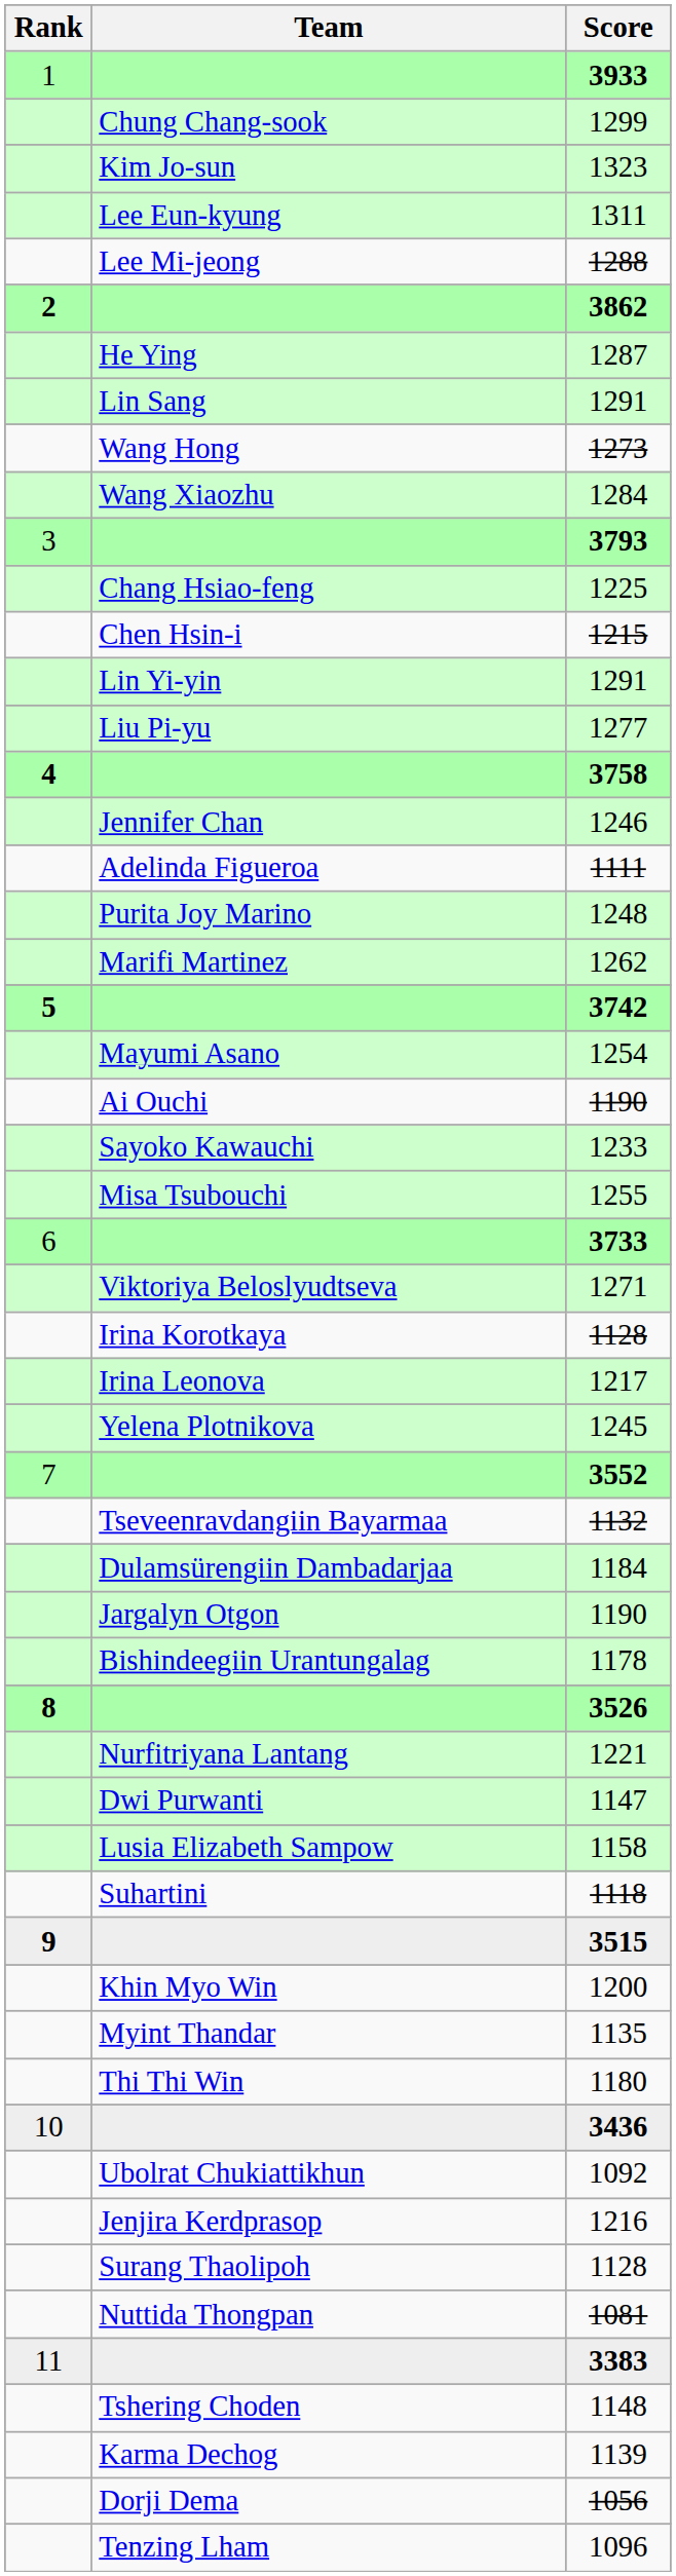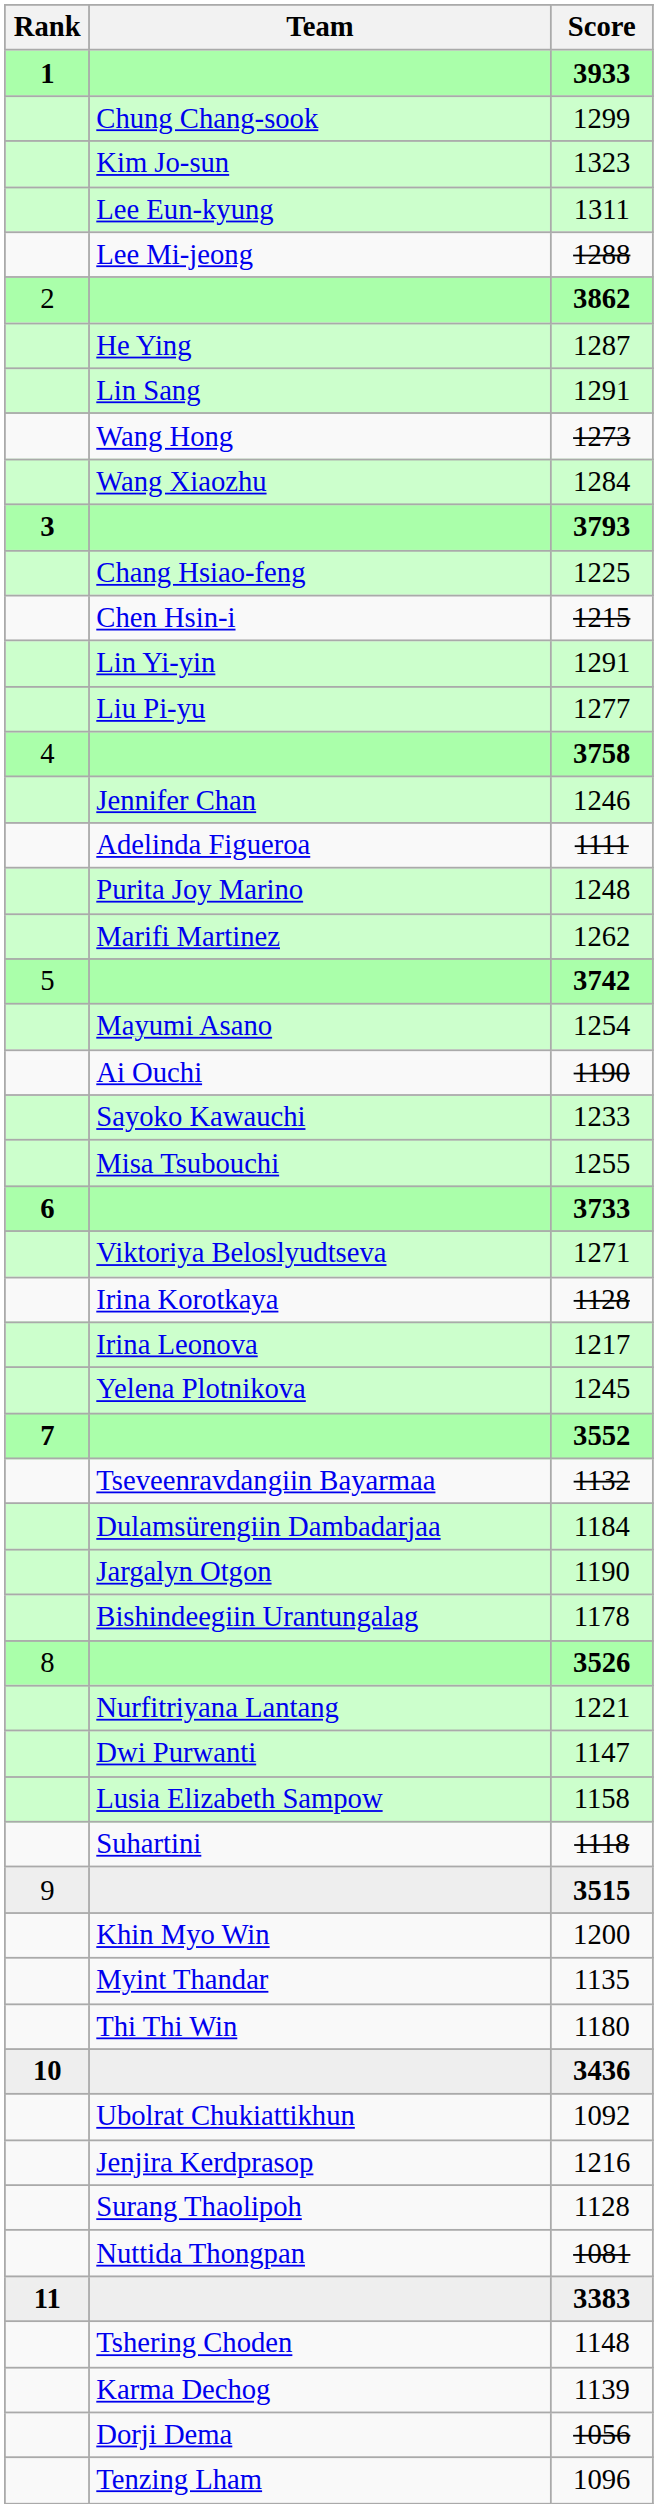 <table class="wikitable" style="text-align:center">
 <tr>
 <th width=40>Rank</th>
 <th width=250>Team</th>
 <th width=50>Score</th>
 </tr>
 <tr bgcolor="aaffaa">
-<td>1</td>
+<td><strong>1</strong></td>
 <td align=left></td>
 <td><strong>3933</strong></td>
 </tr>
 <tr bgcolor="ccffcc">
 <td></td>
 <td align=left><a href='#'>Chung Chang-sook</a></td>
 <td>1299</td>
 </tr>
 <tr bgcolor="ccffcc">
 <td></td>
 <td align=left><a href='#'>Kim Jo-sun</a></td>
 <td>1323</td>
 </tr>
 <tr bgcolor="ccffcc">
 <td></td>
 <td align=left><a href='#'>Lee Eun-kyung</a></td>
 <td>1311</td>
 </tr>
 <tr>
 <td></td>
 <td align=left><a href='#'>Lee Mi-jeong</a></td>
 <td><s>1288</s></td>
 </tr>
 <tr bgcolor="aaffaa">
-<td><strong>2</strong></td>
+<td>2</td>
 <td align=left></td>
 <td><strong>3862</strong></td>
 </tr>
 <tr bgcolor="ccffcc">
 <td></td>
 <td align=left><a href='#'>He Ying</a></td>
 <td>1287</td>
 </tr>
 <tr bgcolor="ccffcc">
 <td></td>
 <td align=left><a href='#'>Lin Sang</a></td>
 <td>1291</td>
 </tr>
 <tr>
 <td></td>
 <td align=left><a href='#'>Wang Hong</a></td>
 <td><s>1273</s></td>
 </tr>
 <tr bgcolor="ccffcc">
 <td></td>
 <td align=left><a href='#'>Wang Xiaozhu</a></td>
 <td>1284</td>
 </tr>
 <tr bgcolor="aaffaa">
-<td>3</td>
+<td><strong>3</strong></td>
 <td align=left></td>
 <td><strong>3793</strong></td>
 </tr>
 <tr bgcolor="ccffcc">
 <td></td>
 <td align=left><a href='#'>Chang Hsiao-feng</a></td>
 <td>1225</td>
 </tr>
 <tr>
 <td></td>
 <td align=left><a href='#'>Chen Hsin-i</a></td>
 <td><s>1215</s></td>
 </tr>
 <tr bgcolor="ccffcc">
 <td></td>
 <td align=left><a href='#'>Lin Yi-yin</a></td>
 <td>1291</td>
 </tr>
 <tr bgcolor="ccffcc">
 <td></td>
 <td align=left><a href='#'>Liu Pi-yu</a></td>
 <td>1277</td>
 </tr>
 <tr bgcolor="aaffaa">
-<td><strong>4</strong></td>
+<td>4</td>
 <td align=left></td>
 <td><strong>3758</strong></td>
 </tr>
 <tr bgcolor="ccffcc">
 <td></td>
 <td align=left><a href='#'>Jennifer Chan</a></td>
 <td>1246</td>
 </tr>
 <tr>
 <td></td>
 <td align=left><a href='#'>Adelinda Figueroa</a></td>
 <td><s>1111</s></td>
 </tr>
 <tr bgcolor="ccffcc">
 <td></td>
 <td align=left><a href='#'>Purita Joy Marino</a></td>
 <td>1248</td>
 </tr>
 <tr bgcolor="ccffcc">
 <td></td>
 <td align=left><a href='#'>Marifi Martinez</a></td>
 <td>1262</td>
 </tr>
 <tr bgcolor="aaffaa">
-<td><strong>5</strong></td>
+<td>5</td>
 <td align=left></td>
 <td><strong>3742</strong></td>
 </tr>
 <tr bgcolor="ccffcc">
 <td></td>
 <td align=left><a href='#'>Mayumi Asano</a></td>
 <td>1254</td>
 </tr>
 <tr>
 <td></td>
 <td align=left><a href='#'>Ai Ouchi</a></td>
 <td><s>1190</s></td>
 </tr>
 <tr bgcolor="ccffcc">
 <td></td>
 <td align=left><a href='#'>Sayoko Kawauchi</a></td>
 <td>1233</td>
 </tr>
 <tr bgcolor="ccffcc">
 <td></td>
 <td align=left><a href='#'>Misa Tsubouchi</a></td>
 <td>1255</td>
 </tr>
 <tr bgcolor="aaffaa">
-<td>6</td>
+<td><strong>6</strong></td>
 <td align=left></td>
 <td><strong>3733</strong></td>
 </tr>
 <tr bgcolor="ccffcc">
 <td></td>
 <td align=left><a href='#'>Viktoriya Beloslyudtseva</a></td>
 <td>1271</td>
 </tr>
 <tr>
 <td></td>
 <td align=left><a href='#'>Irina Korotkaya</a></td>
 <td><s>1128</s></td>
 </tr>
 <tr bgcolor="ccffcc">
 <td></td>
 <td align=left><a href='#'>Irina Leonova</a></td>
 <td>1217</td>
 </tr>
 <tr bgcolor="ccffcc">
 <td></td>
 <td align=left><a href='#'>Yelena Plotnikova</a></td>
 <td>1245</td>
 </tr>
 <tr bgcolor="aaffaa">
-<td>7</td>
+<td><strong>7</strong></td>
 <td align=left></td>
 <td><strong>3552</strong></td>
 </tr>
 <tr>
 <td></td>
 <td align=left><a href='#'>Tseveenravdangiin Bayarmaa</a></td>
 <td><s>1132</s></td>
 </tr>
 <tr bgcolor="ccffcc">
 <td></td>
 <td align=left><a href='#'>Dulamsürengiin Dambadarjaa</a></td>
 <td>1184</td>
 </tr>
 <tr bgcolor="ccffcc">
 <td></td>
 <td align=left><a href='#'>Jargalyn Otgon</a></td>
 <td>1190</td>
 </tr>
 <tr bgcolor="ccffcc">
 <td></td>
 <td align=left><a href='#'>Bishindeegiin Urantungalag</a></td>
 <td>1178</td>
 </tr>
 <tr bgcolor="aaffaa">
-<td><strong>8</strong></td>
+<td>8</td>
 <td align=left></td>
 <td><strong>3526</strong></td>
 </tr>
 <tr bgcolor="ccffcc">
 <td></td>
 <td align=left><a href='#'>Nurfitriyana Lantang</a></td>
 <td>1221</td>
 </tr>
 <tr bgcolor="ccffcc">
 <td></td>
 <td align=left><a href='#'>Dwi Purwanti</a></td>
 <td>1147</td>
 </tr>
 <tr bgcolor="ccffcc">
 <td></td>
 <td align=left><a href='#'>Lusia Elizabeth Sampow</a></td>
 <td>1158</td>
 </tr>
 <tr>
 <td></td>
 <td align=left><a href='#'>Suhartini</a></td>
 <td><s>1118</s></td>
 </tr>
 <tr bgcolor=eeeeee>
-<td><strong>9</strong></td>
+<td>9</td>
 <td align=left></td>
 <td><strong>3515</strong></td>
 </tr>
 <tr>
 <td></td>
 <td align=left><a href='#'>Khin Myo Win</a></td>
 <td>1200</td>
 </tr>
 <tr>
 <td></td>
 <td align=left><a href='#'>Myint Thandar</a></td>
 <td>1135</td>
 </tr>
 <tr>
 <td></td>
 <td align=left><a href='#'>Thi Thi Win</a></td>
 <td>1180</td>
 </tr>
 <tr bgcolor=eeeeee>
-<td>10</td>
+<td><strong>10</strong></td>
 <td align=left></td>
 <td><strong>3436</strong></td>
 </tr>
 <tr>
 <td></td>
 <td align=left><a href='#'>Ubolrat Chukiattikhun</a></td>
 <td>1092</td>
 </tr>
 <tr>
 <td></td>
 <td align=left><a href='#'>Jenjira Kerdprasop</a></td>
 <td>1216</td>
 </tr>
 <tr>
 <td></td>
 <td align=left><a href='#'>Surang Thaolipoh</a></td>
 <td>1128</td>
 </tr>
 <tr>
 <td></td>
 <td align=left><a href='#'>Nuttida Thongpan</a></td>
 <td><s>1081</s></td>
 </tr>
 <tr bgcolor=eeeeee>
-<td>11</td>
+<td><strong>11</strong></td>
 <td align=left></td>
 <td><strong>3383</strong></td>
 </tr>
 <tr>
 <td></td>
 <td align=left><a href='#'>Tshering Choden</a></td>
 <td>1148</td>
 </tr>
 <tr>
 <td></td>
 <td align=left><a href='#'>Karma Dechog</a></td>
 <td>1139</td>
 </tr>
 <tr>
 <td></td>
 <td align=left><a href='#'>Dorji Dema</a></td>
 <td><s>1056</s></td>
 </tr>
 <tr>
 <td></td>
 <td align=left><a href='#'>Tenzing Lham</a></td>
 <td>1096</td>
 </tr>
 </table>
